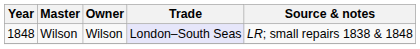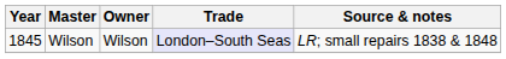 <table class=" wikitable">
 <tr>
 <th>Year</th>
 <th>Master</th>
 <th>Owner</th>
 <th>Trade</th>
 <th>Source & notes</th>
 </tr>
 <tr>
-<td>1848</td>
+<td>1845</td>
 <td>Wilson</td>
 <td>Wilson</td>
 <td style="background: lavender;">London–South Seas</td>
 <td><em>LR</em>; small repairs 1838 & 1848</td>
 </tr>
 <tr>
 </tr>
 </table>
